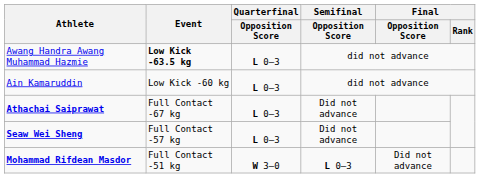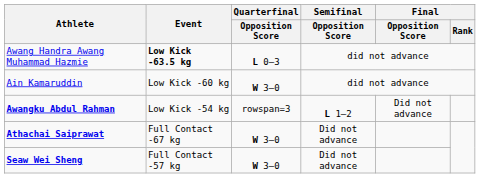 <table class="wikitable" style="font-size:90%">
 <tr>
 <th rowspan="2">Athlete</th>
 <th rowspan="2">Event</th>
 <th>Quarterfinal</th>
 <th>Semifinal</th>
 <th colspan="2">Final</th>
 </tr>
 <tr style="font-size:95%", align="center">
 <th>Opposition<br>Score</th>
 <th>Opposition<br>Score</th>
 <th>Opposition<br>Score</th>
 <th>Rank</th>
 </tr>
 <tr align="center">
 <td align="left"><a href='#'>Awang Handra Awang Muhammad Hazmie</a></td>
 <td align="left"><strong>Low Kick -63.5 kg</strong></td>
 <td><br><strong>L</strong> 0–3</td>
 <td colspan="3">did not advance</td>
 </tr>
 <tr align="center">
 <td align="left"><a href='#'>Ain Kamaruddin</a></td>
 <td align="left">Low Kick -60 kg</td>
-<td><br><strong>L</strong> 0–3</td>
+<td><br><strong>W</strong> 3–0</td>
 <td colspan="3">did not advance</td>
+</tr>
+<tr align="center">
+<td align="left"><a href='#'><strong>Awangku Abdul Rahman</strong></a></td>
+<td align="left">Low Kick -54 kg</td>
+<td>rowspan=3 </td>
+<td><br><strong>L</strong> 1–2</td>
+<td>Did not advance</td>
+<td></td>
 </tr>
 <tr align="center">
 <td align="left"><a href='#'><strong>Athachai Saiprawat</strong></a></td>
 <td align="left">Full Contact -67 kg</td>
-<td><br><strong>L</strong> 0–3</td>
+<td><br><strong>W</strong> 3–0</td>
 <td>Did not advance</td>
 <td></td>
 </tr>
 <tr align="center">
 <td align="left"><strong><a href='#'>Seaw Wei Sheng</a></strong></td>
 <td align="left">Full Contact -57 kg</td>
-<td><br><strong>L</strong> 0–3</td>
-<td>Did not advance</td>
-<td></td>
-</tr>
-<tr align="center">
-<td align="left"><strong><a href='#'>Mohammad Rifdean Masdor</a></strong></td>
-<td align="left">Full Contact -51 kg</td>
 <td><br><strong>W</strong> 3–0</td>
-<td><br><strong>L</strong> 0–3</td>
 <td>Did not advance</td>
 <td></td>
 </tr>
 </table>
